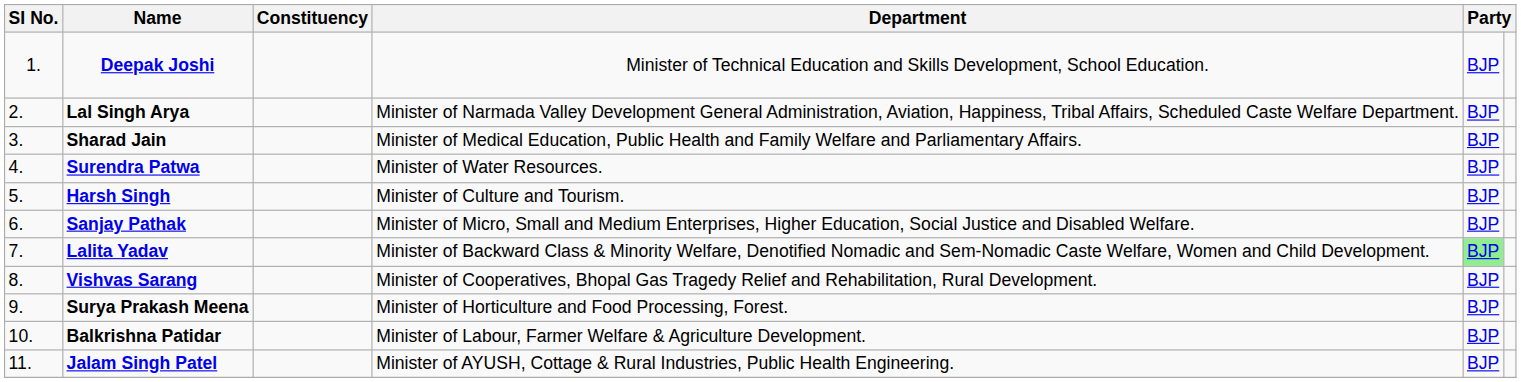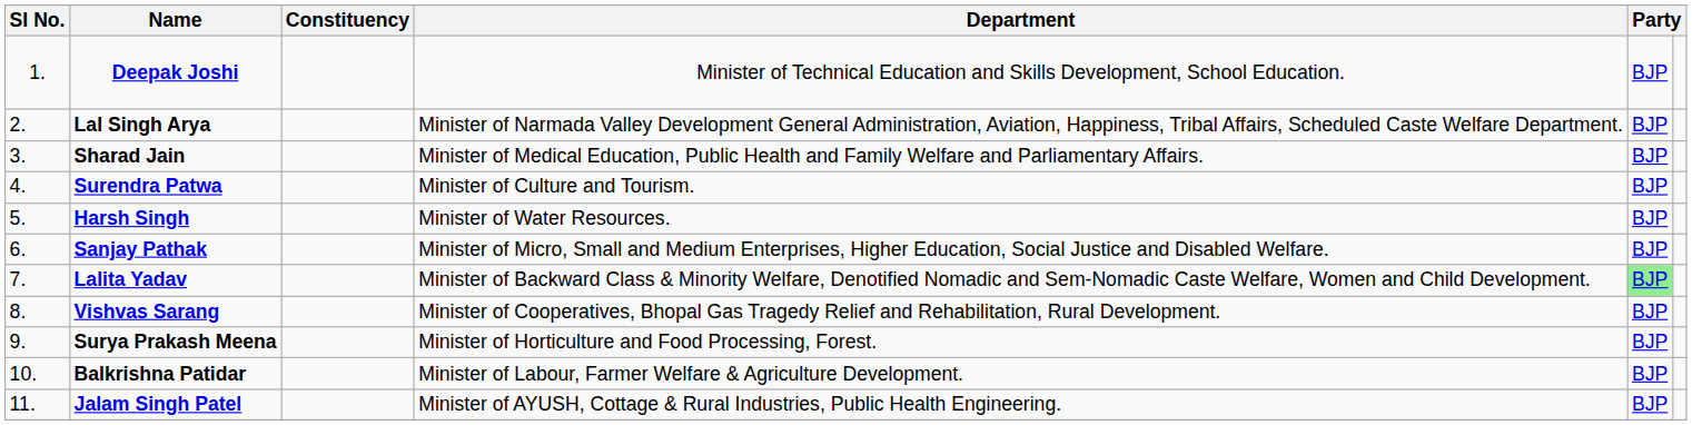 <table class = "wikitable">
 <tr>
 <th>SI No.</th>
 <th>Name</th>
 <th>Constituency</th>
 <th>Department</th>
 <th colspan="2" scope="col">Party</th>
 </tr>
 <tr style="text-align:center; height:60px;">
 <td>1.</td>
 <td><strong><a href='#'>Deepak Joshi</a></strong></td>
 <td></td>
 <td>Minister of Technical Education and Skills Development, School Education.</td>
 <td><a href='#'>BJP</a></td>
 <td width="4px" style="background-color: "></td>
 </tr>
 <tr>
 <td>2.</td>
 <td><strong>Lal Singh Arya</strong></td>
 <td></td>
 <td>Minister of Narmada Valley Development General Administration, Aviation, Happiness, Tribal Affairs, Scheduled Caste Welfare Department.</td>
 <td><a href='#'>BJP</a></td>
 <td width="4px" style="background-color: "></td>
 </tr>
 <tr>
 <td>3.</td>
 <td><strong>Sharad Jain</strong></td>
 <td></td>
 <td>Minister of Medical Education, Public Health and Family Welfare and Parliamentary Affairs.</td>
 <td><a href='#'>BJP</a></td>
 <td width="4px" style="background-color: "></td>
 </tr>
 <tr>
 <td>4.</td>
 <td><strong><a href='#'>Surendra Patwa</a></strong></td>
 <td></td>
-<td>Minister of Water Resources.</td>
+<td>Minister of Culture and Tourism.</td>
 <td><a href='#'>BJP</a></td>
 <td width="4px" style="background-color: "></td>
 </tr>
 <tr>
 <td>5.</td>
 <td><strong><a href='#'>Harsh Singh</a></strong></td>
 <td></td>
-<td>Minister of Culture and Tourism.</td>
+<td>Minister of Water Resources.</td>
 <td><a href='#'>BJP</a></td>
 <td width="4px" style="background-color: "></td>
 </tr>
 <tr>
 <td>6.</td>
 <td><strong><a href='#'>Sanjay Pathak</a></strong></td>
 <td></td>
 <td>Minister of Micro, Small and Medium Enterprises, Higher Education, Social Justice and Disabled Welfare.</td>
 <td><a href='#'>BJP</a></td>
 <td width="4px" style="background-color: "></td>
 </tr>
 <tr>
 <td>7.</td>
 <td><strong><a href='#'>Lalita Yadav</a></strong></td>
 <td></td>
 <td>Minister of Backward Class & Minority Welfare, Denotified Nomadic and Sem-Nomadic Caste Welfare, Women and Child Development.</td>
 <td style="background: lightgreen;"><a href='#'>BJP</a></td>
 <td width="4px" style="background-color: "></td>
 </tr>
 <tr>
 <td>8.</td>
 <td><strong><a href='#'>Vishvas Sarang</a></strong></td>
 <td></td>
 <td>Minister of Cooperatives, Bhopal Gas Tragedy Relief and Rehabilitation, Rural Development.</td>
 <td><a href='#'>BJP</a></td>
 <td width="4px" style="background-color: "></td>
 </tr>
 <tr>
 <td>9.</td>
 <td><strong>Surya Prakash Meena</strong></td>
 <td></td>
 <td>Minister of Horticulture and Food Processing, Forest.</td>
 <td><a href='#'>BJP</a></td>
 <td width="4px" style="background-color: "></td>
 </tr>
 <tr>
 <td>10.</td>
 <td><strong>Balkrishna Patidar</strong></td>
 <td></td>
 <td>Minister of Labour, Farmer Welfare & Agriculture Development.</td>
 <td><a href='#'>BJP</a></td>
 <td width="4px" style="background-color: "></td>
 </tr>
 <tr>
 <td>11.</td>
 <td><strong><a href='#'>Jalam Singh Patel</a></strong></td>
 <td></td>
 <td>Minister of AYUSH, Cottage & Rural Industries, Public Health Engineering.</td>
 <td><a href='#'>BJP</a></td>
 <td width="4px" style="background-color: "></td>
 </tr>
 <tr>
 </tr>
 </table>
